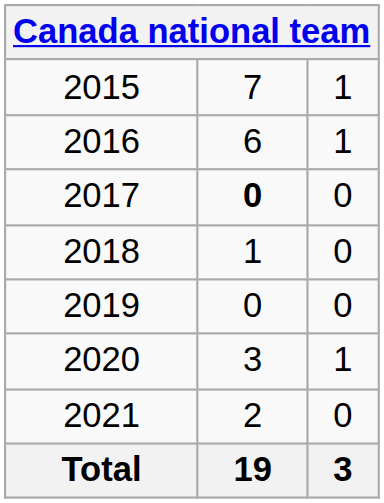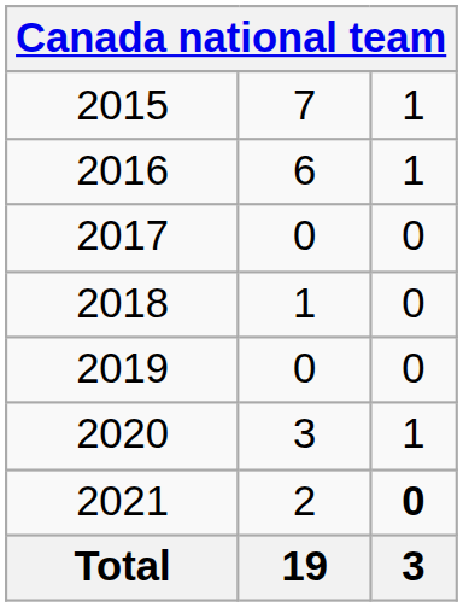 <table class="wikitable" style="text-align:center">
 <tr>
 <th colspan=3><a href='#'>Canada national team</a></th>
 </tr>
 <tr>
 <td>2015</td>
 <td>7</td>
 <td>1</td>
 </tr>
 <tr>
 <td>2016</td>
 <td>6</td>
 <td>1</td>
 </tr>
 <tr>
 <td>2017</td>
-<td><strong>0</strong></td>
+<td>0</td>
 <td>0</td>
 </tr>
 <tr>
 <td>2018</td>
 <td>1</td>
 <td>0</td>
 </tr>
 <tr>
 <td>2019</td>
 <td>0</td>
 <td>0</td>
 </tr>
 <tr>
 <td>2020</td>
 <td>3</td>
 <td>1</td>
 </tr>
 <tr>
 <td>2021</td>
 <td>2</td>
-<td>0</td>
+<td><strong>0</strong></td>
 </tr>
 <tr>
 <th>Total</th>
 <th>19</th>
 <th>3</th>
 </tr>
 </table>
